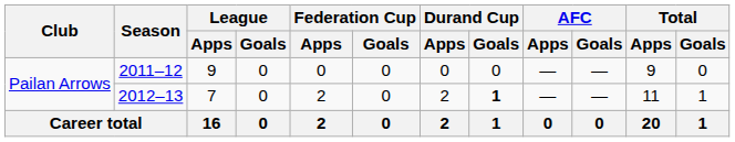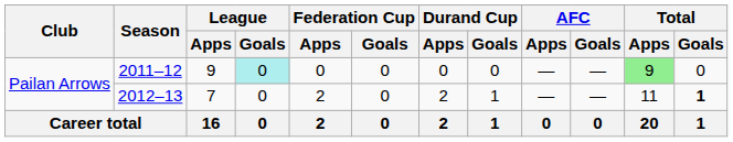 <table class="wikitable" style="text-align:center;">
 <tr>
 <th rowspan="2">Club</th>
 <th rowspan="2">Season</th>
 <th colspan="2">League</th>
 <th colspan="2">Federation Cup</th>
 <th colspan="2">Durand Cup</th>
 <th colspan="2"><a href='#'>AFC</a></th>
 <th colspan="2">Total</th>
 </tr>
 <tr>
 <th>Apps</th>
 <th>Goals</th>
 <th>Apps</th>
 <th>Goals</th>
 <th>Apps</th>
 <th>Goals</th>
 <th>Apps</th>
 <th>Goals</th>
 <th>Apps</th>
 <th>Goals</th>
 </tr>
 <tr>
 <td rowspan="2"><a href='#'>Pailan Arrows</a></td>
 <td><a href='#'>2011–12</a></td>
 <td>9</td>
-<td>0</td>
+<td style="background: paleturquoise;">0</td>
 <td>0</td>
 <td>0</td>
 <td>0</td>
 <td>0</td>
 <td>—</td>
 <td>—</td>
-<td>9</td>
+<td style="background: lightgreen;">9</td>
 <td>0</td>
 </tr>
 <tr>
 <td><a href='#'>2012–13</a></td>
 <td>7</td>
 <td>0</td>
 <td>2</td>
 <td>0</td>
 <td>2</td>
-<td><strong>1</strong></td>
+<td>1</td>
 <td>—</td>
 <td>—</td>
 <td>11</td>
-<td>1</td>
+<td><strong>1</strong></td>
 </tr>
 <tr>
 <th colspan="2">Career total</th>
 <th>16</th>
 <th>0</th>
 <th>2</th>
 <th>0</th>
 <th>2</th>
 <th>1</th>
 <th>0</th>
 <th>0</th>
 <th>20</th>
 <th>1</th>
 </tr>
 </table>
